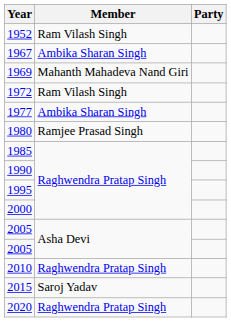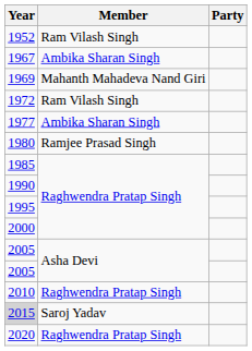 <table class="wikitable sortable">
 <tr>
 <th>Year</th>
 <th>Member</th>
 <th colspan=2>Party</th>
 </tr>
 <tr>
 <td><a href='#'>1952</a></td>
 <td>Ram Vilash Singh</td>
 <td></td>
 </tr>
 <tr>
 <td><a href='#'>1967</a></td>
 <td><a href='#'>Ambika Sharan Singh</a></td>
 <td></td>
 </tr>
 <tr>
 <td><a href='#'>1969</a></td>
 <td>Mahanth Mahadeva Nand Giri</td>
 <td></td>
 </tr>
 <tr>
 <td><a href='#'>1972</a></td>
 <td>Ram Vilash Singh</td>
 <td></td>
 </tr>
 <tr>
 <td><a href='#'>1977</a></td>
 <td><a href='#'>Ambika Sharan Singh</a></td>
 <td></td>
 </tr>
 <tr>
 <td><a href='#'>1980</a></td>
 <td>Ramjee Prasad Singh</td>
 <td></td>
 </tr>
 <tr>
 <td><a href='#'>1985</a></td>
 <td rowspan="4"><a href='#'>Raghwendra Pratap Singh</a></td>
 <td></td>
 </tr>
 <tr>
 <td><a href='#'>1990</a></td>
 <td></td>
 </tr>
 <tr>
 <td><a href='#'>1995</a></td>
 </tr>
 <tr>
 <td><a href='#'>2000</a></td>
 <td></td>
 </tr>
 <tr>
 <td><a href='#'>2005</a></td>
 <td rowspan="2">Asha Devi</td>
 <td></td>
 </tr>
 <tr>
 <td><a href='#'>2005</a></td>
 </tr>
 <tr>
 <td><a href='#'>2010</a></td>
 <td><a href='#'>Raghwendra Pratap Singh</a></td>
 <td></td>
 </tr>
 <tr>
-<td><a href='#'>2015</a></td>
+<td style="background: lightgrey;"><a href='#'>2015</a></td>
 <td>Saroj Yadav</td>
 </tr>
 <tr>
 <td><a href='#'>2020</a></td>
 <td><a href='#'>Raghwendra Pratap Singh</a></td>
 <td></td>
 </tr>
 </table>
